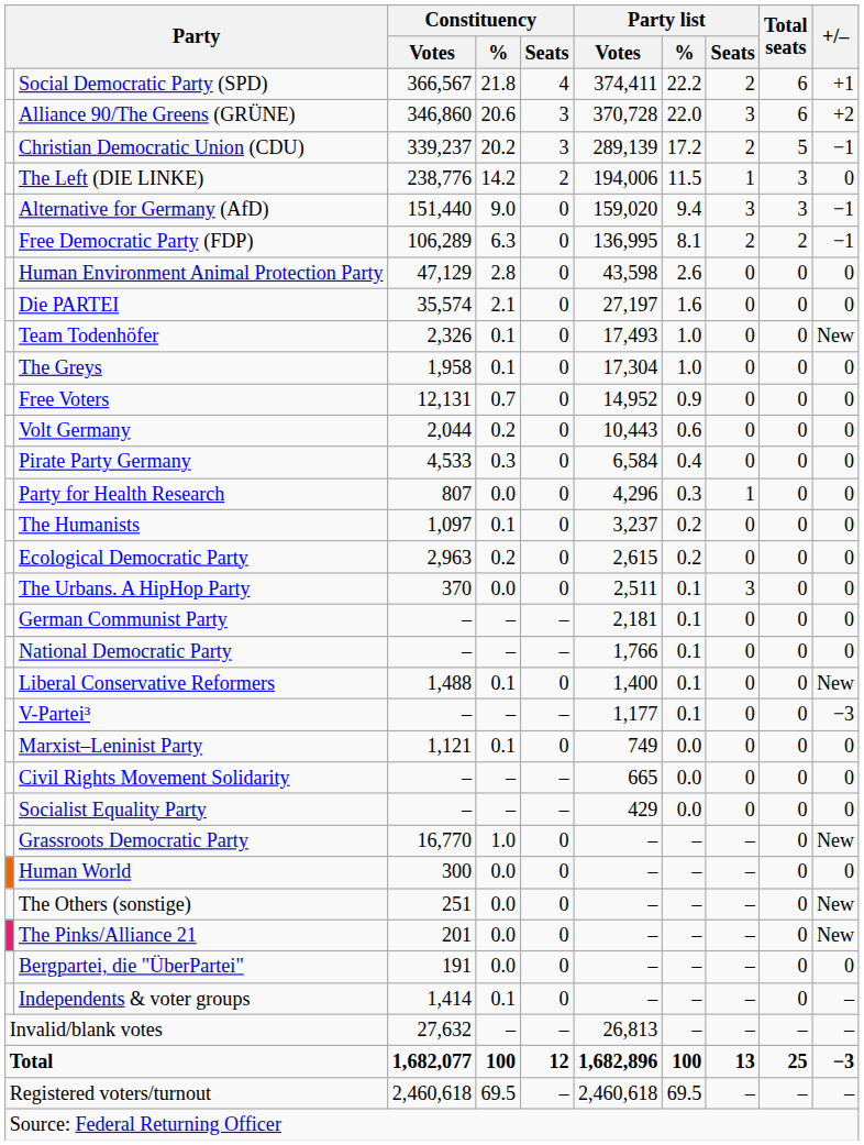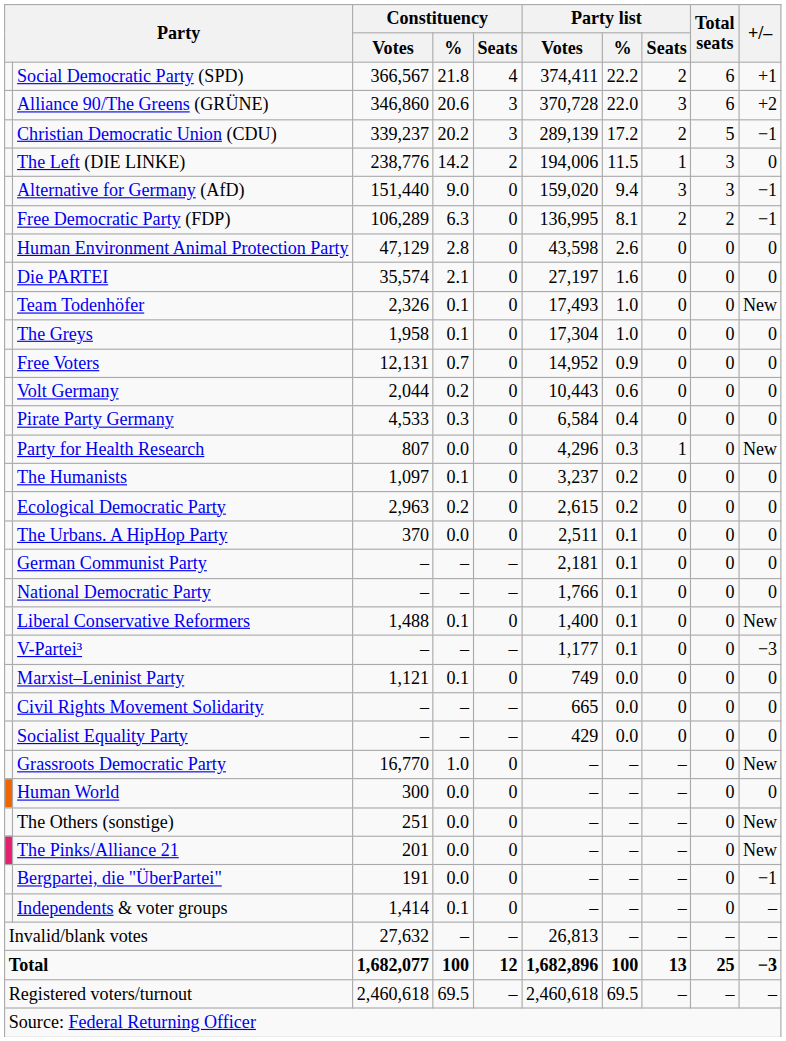 <table class="wikitable" style="text-align:right">
 <tr>
 <th colspan="2" rowspan="2">Party</th>
 <th colspan="3">Constituency</th>
 <th colspan="3">Party list</th>
 <th rowspan="2">Total<br>seats</th>
 <th rowspan="2">+/–</th>
 </tr>
 <tr>
 <th>Votes</th>
 <th>%</th>
 <th>Seats</th>
 <th>Votes</th>
 <th>%</th>
 <th>Seats</th>
 </tr>
 <tr>
 <td></td>
 <td align="left"><a href='#'>Social Democratic Party</a> (SPD)</td>
 <td>366,567</td>
 <td>21.8</td>
 <td>4</td>
 <td>374,411</td>
 <td>22.2</td>
 <td>2</td>
 <td>6</td>
 <td>+1</td>
 </tr>
 <tr>
 <td></td>
 <td align="left"><a href='#'>Alliance 90/The Greens</a> (GRÜNE)</td>
 <td>346,860</td>
 <td>20.6</td>
 <td>3</td>
 <td>370,728</td>
 <td>22.0</td>
 <td>3</td>
 <td>6</td>
 <td>+2</td>
 </tr>
 <tr>
 <td></td>
 <td align="left"><a href='#'>Christian Democratic Union</a> (CDU)</td>
 <td>339,237</td>
 <td>20.2</td>
 <td>3</td>
 <td>289,139</td>
 <td>17.2</td>
 <td>2</td>
 <td>5</td>
 <td>−1</td>
 </tr>
 <tr>
 <td></td>
 <td align="left"><a href='#'>The Left</a> (DIE LINKE)</td>
 <td>238,776</td>
 <td>14.2</td>
 <td>2</td>
 <td>194,006</td>
 <td>11.5</td>
 <td>1</td>
 <td>3</td>
 <td>0</td>
 </tr>
 <tr>
 <td></td>
 <td align="left"><a href='#'>Alternative for Germany</a> (AfD)</td>
 <td>151,440</td>
 <td>9.0</td>
 <td>0</td>
 <td>159,020</td>
 <td>9.4</td>
 <td>3</td>
 <td>3</td>
 <td>−1</td>
 </tr>
 <tr>
 <td></td>
 <td align="left"><a href='#'>Free Democratic Party</a> (FDP)</td>
 <td>106,289</td>
 <td>6.3</td>
 <td>0</td>
 <td>136,995</td>
 <td>8.1</td>
 <td>2</td>
 <td>2</td>
 <td>−1</td>
 </tr>
 <tr>
 <td style="background-color:"></td>
 <td align="left"><a href='#'>Human Environment Animal Protection Party</a></td>
 <td>47,129</td>
 <td>2.8</td>
 <td>0</td>
 <td>43,598</td>
 <td>2.6</td>
 <td>0</td>
 <td>0</td>
 <td>0</td>
 </tr>
 <tr>
 <td style="background-color:"></td>
 <td align="left"><a href='#'>Die PARTEI</a></td>
 <td>35,574</td>
 <td>2.1</td>
 <td>0</td>
 <td>27,197</td>
 <td>1.6</td>
 <td>0</td>
 <td>0</td>
 <td>0</td>
 </tr>
 <tr>
 <td style="background-color:"></td>
 <td align="left"><a href='#'>Team Todenhöfer</a></td>
 <td>2,326</td>
 <td>0.1</td>
 <td>0</td>
 <td>17,493</td>
 <td>1.0</td>
 <td>0</td>
 <td>0</td>
 <td>New</td>
 </tr>
 <tr>
 <td style="background-color:"></td>
 <td align="left"><a href='#'>The Greys</a></td>
 <td>1,958</td>
 <td>0.1</td>
 <td>0</td>
 <td>17,304</td>
 <td>1.0</td>
 <td>0</td>
 <td>0</td>
 <td>0</td>
 </tr>
 <tr>
 <td style="background-color:"></td>
 <td align="left"><a href='#'>Free Voters</a></td>
 <td>12,131</td>
 <td>0.7</td>
 <td>0</td>
 <td>14,952</td>
 <td>0.9</td>
 <td>0</td>
 <td>0</td>
 <td>0</td>
 </tr>
 <tr>
 <td style="background-color:"></td>
 <td align="left"><a href='#'>Volt Germany</a></td>
 <td>2,044</td>
 <td>0.2</td>
 <td>0</td>
 <td>10,443</td>
 <td>0.6</td>
 <td>0</td>
 <td>0</td>
 <td>0</td>
 </tr>
 <tr>
 <td style="background-color:"></td>
 <td align="left"><a href='#'>Pirate Party Germany</a></td>
 <td>4,533</td>
 <td>0.3</td>
 <td>0</td>
 <td>6,584</td>
 <td>0.4</td>
 <td>0</td>
 <td>0</td>
 <td>0</td>
 </tr>
 <tr>
 <td style="background-color:"></td>
 <td align="left"><a href='#'>Party for Health Research</a></td>
 <td>807</td>
 <td>0.0</td>
 <td>0</td>
 <td>4,296</td>
 <td>0.3</td>
 <td>1</td>
 <td>0</td>
-<td>0</td>
+<td>New</td>
 </tr>
 <tr>
 <td style="background-color:"></td>
 <td align="left"><a href='#'>The Humanists</a></td>
 <td>1,097</td>
 <td>0.1</td>
 <td>0</td>
 <td>3,237</td>
 <td>0.2</td>
 <td>0</td>
 <td>0</td>
 <td>0</td>
 </tr>
 <tr>
 <td style="background-color:"></td>
 <td align="left"><a href='#'>Ecological Democratic Party</a></td>
 <td>2,963</td>
 <td>0.2</td>
 <td>0</td>
 <td>2,615</td>
 <td>0.2</td>
 <td>0</td>
 <td>0</td>
 <td>0</td>
 </tr>
 <tr>
 <td style="background-color:"></td>
 <td align="left"><a href='#'>The Urbans. A HipHop Party</a></td>
 <td>370</td>
 <td>0.0</td>
 <td>0</td>
 <td>2,511</td>
 <td>0.1</td>
-<td>3</td>
+<td>0</td>
 <td>0</td>
 <td>0</td>
 </tr>
 <tr>
 <td style="background-color:"></td>
 <td align="left"><a href='#'>German Communist Party</a></td>
 <td>–</td>
 <td>–</td>
 <td>–</td>
 <td>2,181</td>
 <td>0.1</td>
 <td>0</td>
 <td>0</td>
 <td>0</td>
 </tr>
 <tr>
 <td style="background-color:"></td>
 <td align="left"><a href='#'>National Democratic Party</a></td>
 <td>–</td>
 <td>–</td>
 <td>–</td>
 <td>1,766</td>
 <td>0.1</td>
 <td>0</td>
 <td>0</td>
 <td>0</td>
 </tr>
 <tr>
 <td style="background-color:"></td>
 <td align="left"><a href='#'>Liberal Conservative Reformers</a></td>
 <td>1,488</td>
 <td>0.1</td>
 <td>0</td>
 <td>1,400</td>
 <td>0.1</td>
 <td>0</td>
 <td>0</td>
 <td>New</td>
 </tr>
 <tr>
 <td style="background-color:"></td>
 <td align="left"><a href='#'>V-Partei³</a></td>
 <td>–</td>
 <td>–</td>
 <td>–</td>
 <td>1,177</td>
 <td>0.1</td>
 <td>0</td>
 <td>0</td>
 <td>−3</td>
 </tr>
 <tr>
 <td style="background-color:"></td>
 <td align="left"><a href='#'>Marxist–Leninist Party</a></td>
 <td>1,121</td>
 <td>0.1</td>
 <td>0</td>
 <td>749</td>
 <td>0.0</td>
 <td>0</td>
 <td>0</td>
 <td>0</td>
 </tr>
 <tr>
 <td style="background-color:"></td>
 <td align="left"><a href='#'>Civil Rights Movement Solidarity</a></td>
 <td>–</td>
 <td>–</td>
 <td>–</td>
 <td>665</td>
 <td>0.0</td>
 <td>0</td>
 <td>0</td>
 <td>0</td>
 </tr>
 <tr>
 <td style="background-color:"></td>
 <td align="left"><a href='#'>Socialist Equality Party</a></td>
 <td>–</td>
 <td>–</td>
 <td>–</td>
 <td>429</td>
 <td>0.0</td>
 <td>0</td>
 <td>0</td>
 <td>0</td>
 </tr>
 <tr>
 <td style="background-color:"></td>
 <td align="left"><a href='#'>Grassroots Democratic Party</a></td>
 <td>16,770</td>
 <td>1.0</td>
 <td>0</td>
 <td>–</td>
 <td>–</td>
 <td>–</td>
 <td>0</td>
 <td>New</td>
 </tr>
 <tr>
 <td style="background-color:#EE6600"></td>
 <td align="left"><a href='#'>Human World</a></td>
 <td>300</td>
 <td>0.0</td>
 <td>0</td>
 <td>–</td>
 <td>–</td>
 <td>–</td>
 <td>0</td>
 <td>0</td>
 </tr>
 <tr>
 <td></td>
 <td align="left">The Others (sonstige)</td>
 <td>251</td>
 <td>0.0</td>
 <td>0</td>
 <td>–</td>
 <td>–</td>
 <td>–</td>
 <td>0</td>
 <td>New</td>
 </tr>
 <tr>
 <td style="background-color:#E71F71"></td>
 <td align="left"><a href='#'>The Pinks/Alliance 21</a></td>
 <td>201</td>
 <td>0.0</td>
 <td>0</td>
 <td>–</td>
 <td>–</td>
 <td>–</td>
 <td>0</td>
 <td>New</td>
 </tr>
 <tr>
 <td style="background-color:"></td>
 <td align="left"><a href='#'>Bergpartei, die "ÜberPartei"</a></td>
 <td>191</td>
 <td>0.0</td>
 <td>0</td>
 <td>–</td>
 <td>–</td>
 <td>–</td>
 <td>0</td>
-<td>0</td>
+<td>−1</td>
 </tr>
 <tr>
 <td style="background-color:"></td>
 <td align="left"><a href='#'>Independents</a> & voter groups</td>
 <td>1,414</td>
 <td>0.1</td>
 <td>0</td>
 <td>–</td>
 <td>–</td>
 <td>–</td>
 <td>0</td>
 <td>–</td>
 </tr>
 <tr>
 <td colspan="2" align="left">Invalid/blank votes</td>
 <td>27,632</td>
 <td>–</td>
 <td>–</td>
 <td>26,813</td>
 <td>–</td>
 <td>–</td>
 <td>–</td>
 <td>–</td>
 </tr>
 <tr>
 <td colspan="2" align="left"><strong>Total</strong></td>
 <td><strong>1,682,077</strong></td>
 <td><strong>100</strong></td>
 <td><strong>12</strong></td>
 <td><strong>1,682,896</strong></td>
 <td><strong>100</strong></td>
 <td><strong>13</strong></td>
 <td><strong>25</strong></td>
 <td><strong>−3</strong></td>
 </tr>
 <tr>
 <td colspan="2" align="left">Registered voters/turnout</td>
 <td>2,460,618</td>
 <td>69.5</td>
 <td>–</td>
 <td>2,460,618</td>
 <td>69.5</td>
 <td>–</td>
 <td>–</td>
 <td>–</td>
 </tr>
 <tr>
 <td colspan="10" align="left">Source: <a href='#'>Federal Returning Officer</a></td>
 </tr>
 </table>
